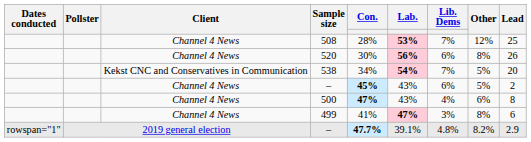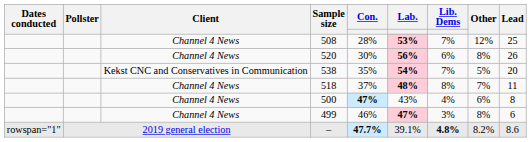 <table class="wikitable sortable mw-datatable" style="text-align:center; font-size:90%; line-height:14px;">
 <tr>
 <th rowspan="2">Dates<br>conducted</th>
 <th rowspan="2">Pollster</th>
 <th rowspan="2">Client</th>
 <th data-sort-type="number" rowspan="2">Sample<br>size</th>
 <th class="unsortable" style="width:50px;"><a href='#'>Con.</a></th>
 <th class="unsortable" style="width:50px;"><a href='#'>Lab.</a></th>
 <th class="unsortable" style="width:50px;"><a href='#'>Lib. Dems</a></th>
 <th class="unsortable" rowspan="2">Other</th>
 <th data-sort-type="number" rowspan="2">Lead</th>
 </tr>
 <tr>
 <th data-sort-type="number" style="background:"></th>
 <th data-sort-type="number" style="background:"></th>
 <th data-sort-type="number" style="background:"></th>
 </tr>
 <tr>
 <td></td>
 <td></td>
 <td><em>Channel 4 News</em></td>
 <td>508</td>
 <td>28%</td>
 <td style="background:#FFCCD9"><strong>53%</strong></td>
 <td>7%</td>
 <td>12%</td>
 <td style="background:">25</td>
 </tr>
 <tr>
 <td></td>
 <td></td>
 <td><em>Channel 4 News</em></td>
 <td>520</td>
 <td>30%</td>
 <td style="background:#FFCCD9"><strong>56%</strong></td>
 <td>6%</td>
 <td>8%</td>
 <td style="background:">26</td>
 </tr>
 <tr>
 <td></td>
 <td></td>
 <td>Kekst CNC and Conservatives in Communication</td>
 <td>538</td>
-<td>34%</td>
+<td>35%</td>
 <td style="background:#FFCCD9"><strong>54%</strong></td>
 <td>7%</td>
 <td>5%</td>
 <td style="background:">20</td>
 </tr>
 <tr>
 <td></td>
 <td></td>
 <td><em>Channel 4 News</em></td>
-<td>–</td>
-<td style="background:#CCEBFF;"><strong>45%</strong></td>
-<td>43%</td>
-<td>6%</td>
-<td>5%</td>
-<td style="background:">2</td>
+<td>518</td>
+<td>37%</td>
+<td style="background:#FFCCD9"><strong>48%</strong></td>
+<td>8%</td>
+<td>7%</td>
+<td style="background:">11</td>
 </tr>
 <tr>
 <td></td>
 <td></td>
 <td><em>Channel 4 News</em></td>
 <td>500</td>
 <td style="background:#CCEBFF;"><strong>47%</strong></td>
 <td>43%</td>
 <td>4%</td>
 <td>6%</td>
 <td style="background:">8</td>
 </tr>
 <tr>
 <td></td>
 <td></td>
 <td><em>Channel 4 News</em></td>
 <td>499</td>
-<td>41%</td>
+<td>46%</td>
 <td style="background:#FFCCD9"><strong>47%</strong></td>
 <td>3%</td>
 <td>8%</td>
 <td style="background:">6</td>
 </tr>
 <tr style="background:#e9e9e9;">
 <td>rowspan="1" </td>
 <td colspan="2"><a href='#'>2019 general election</a></td>
 <td>–</td>
 <td style="background:#CCEBFF;"><strong>47.7%</strong></td>
 <td>39.1%</td>
-<td>4.8%</td>
+<td><strong>4.8%</strong></td>
 <td>8.2%</td>
-<td style="background:">2.9</td>
+<td style="background:">8.6</td>
 </tr>
 </table>
